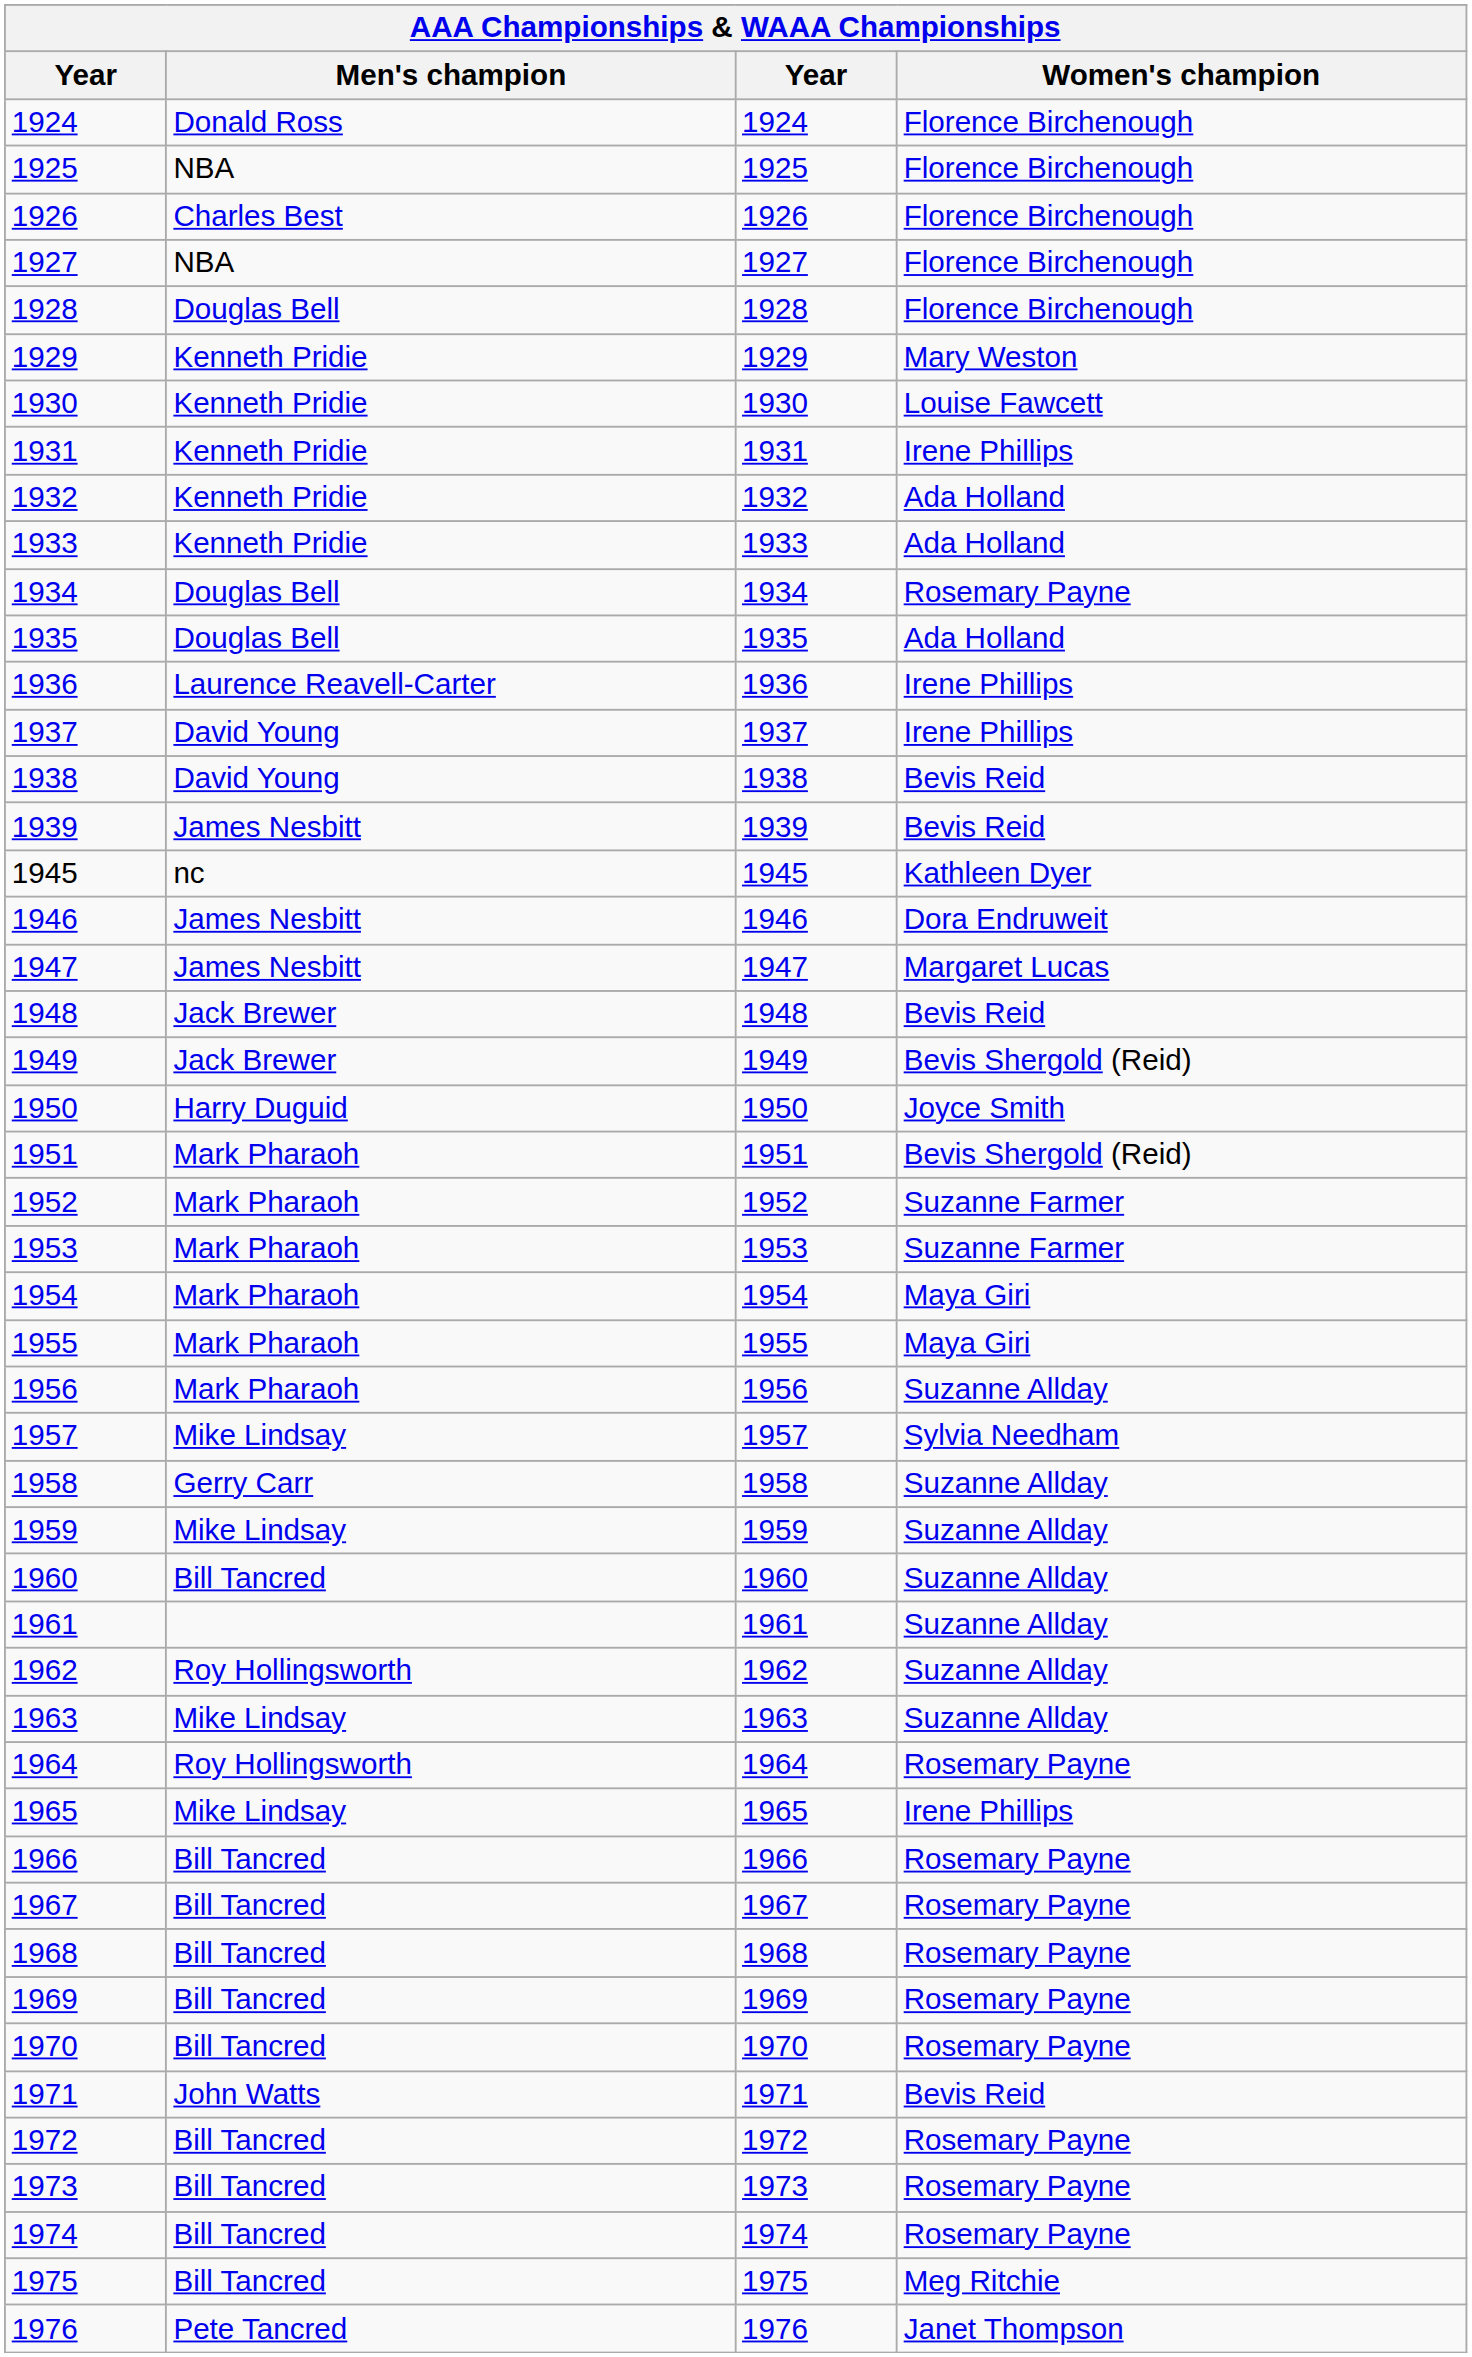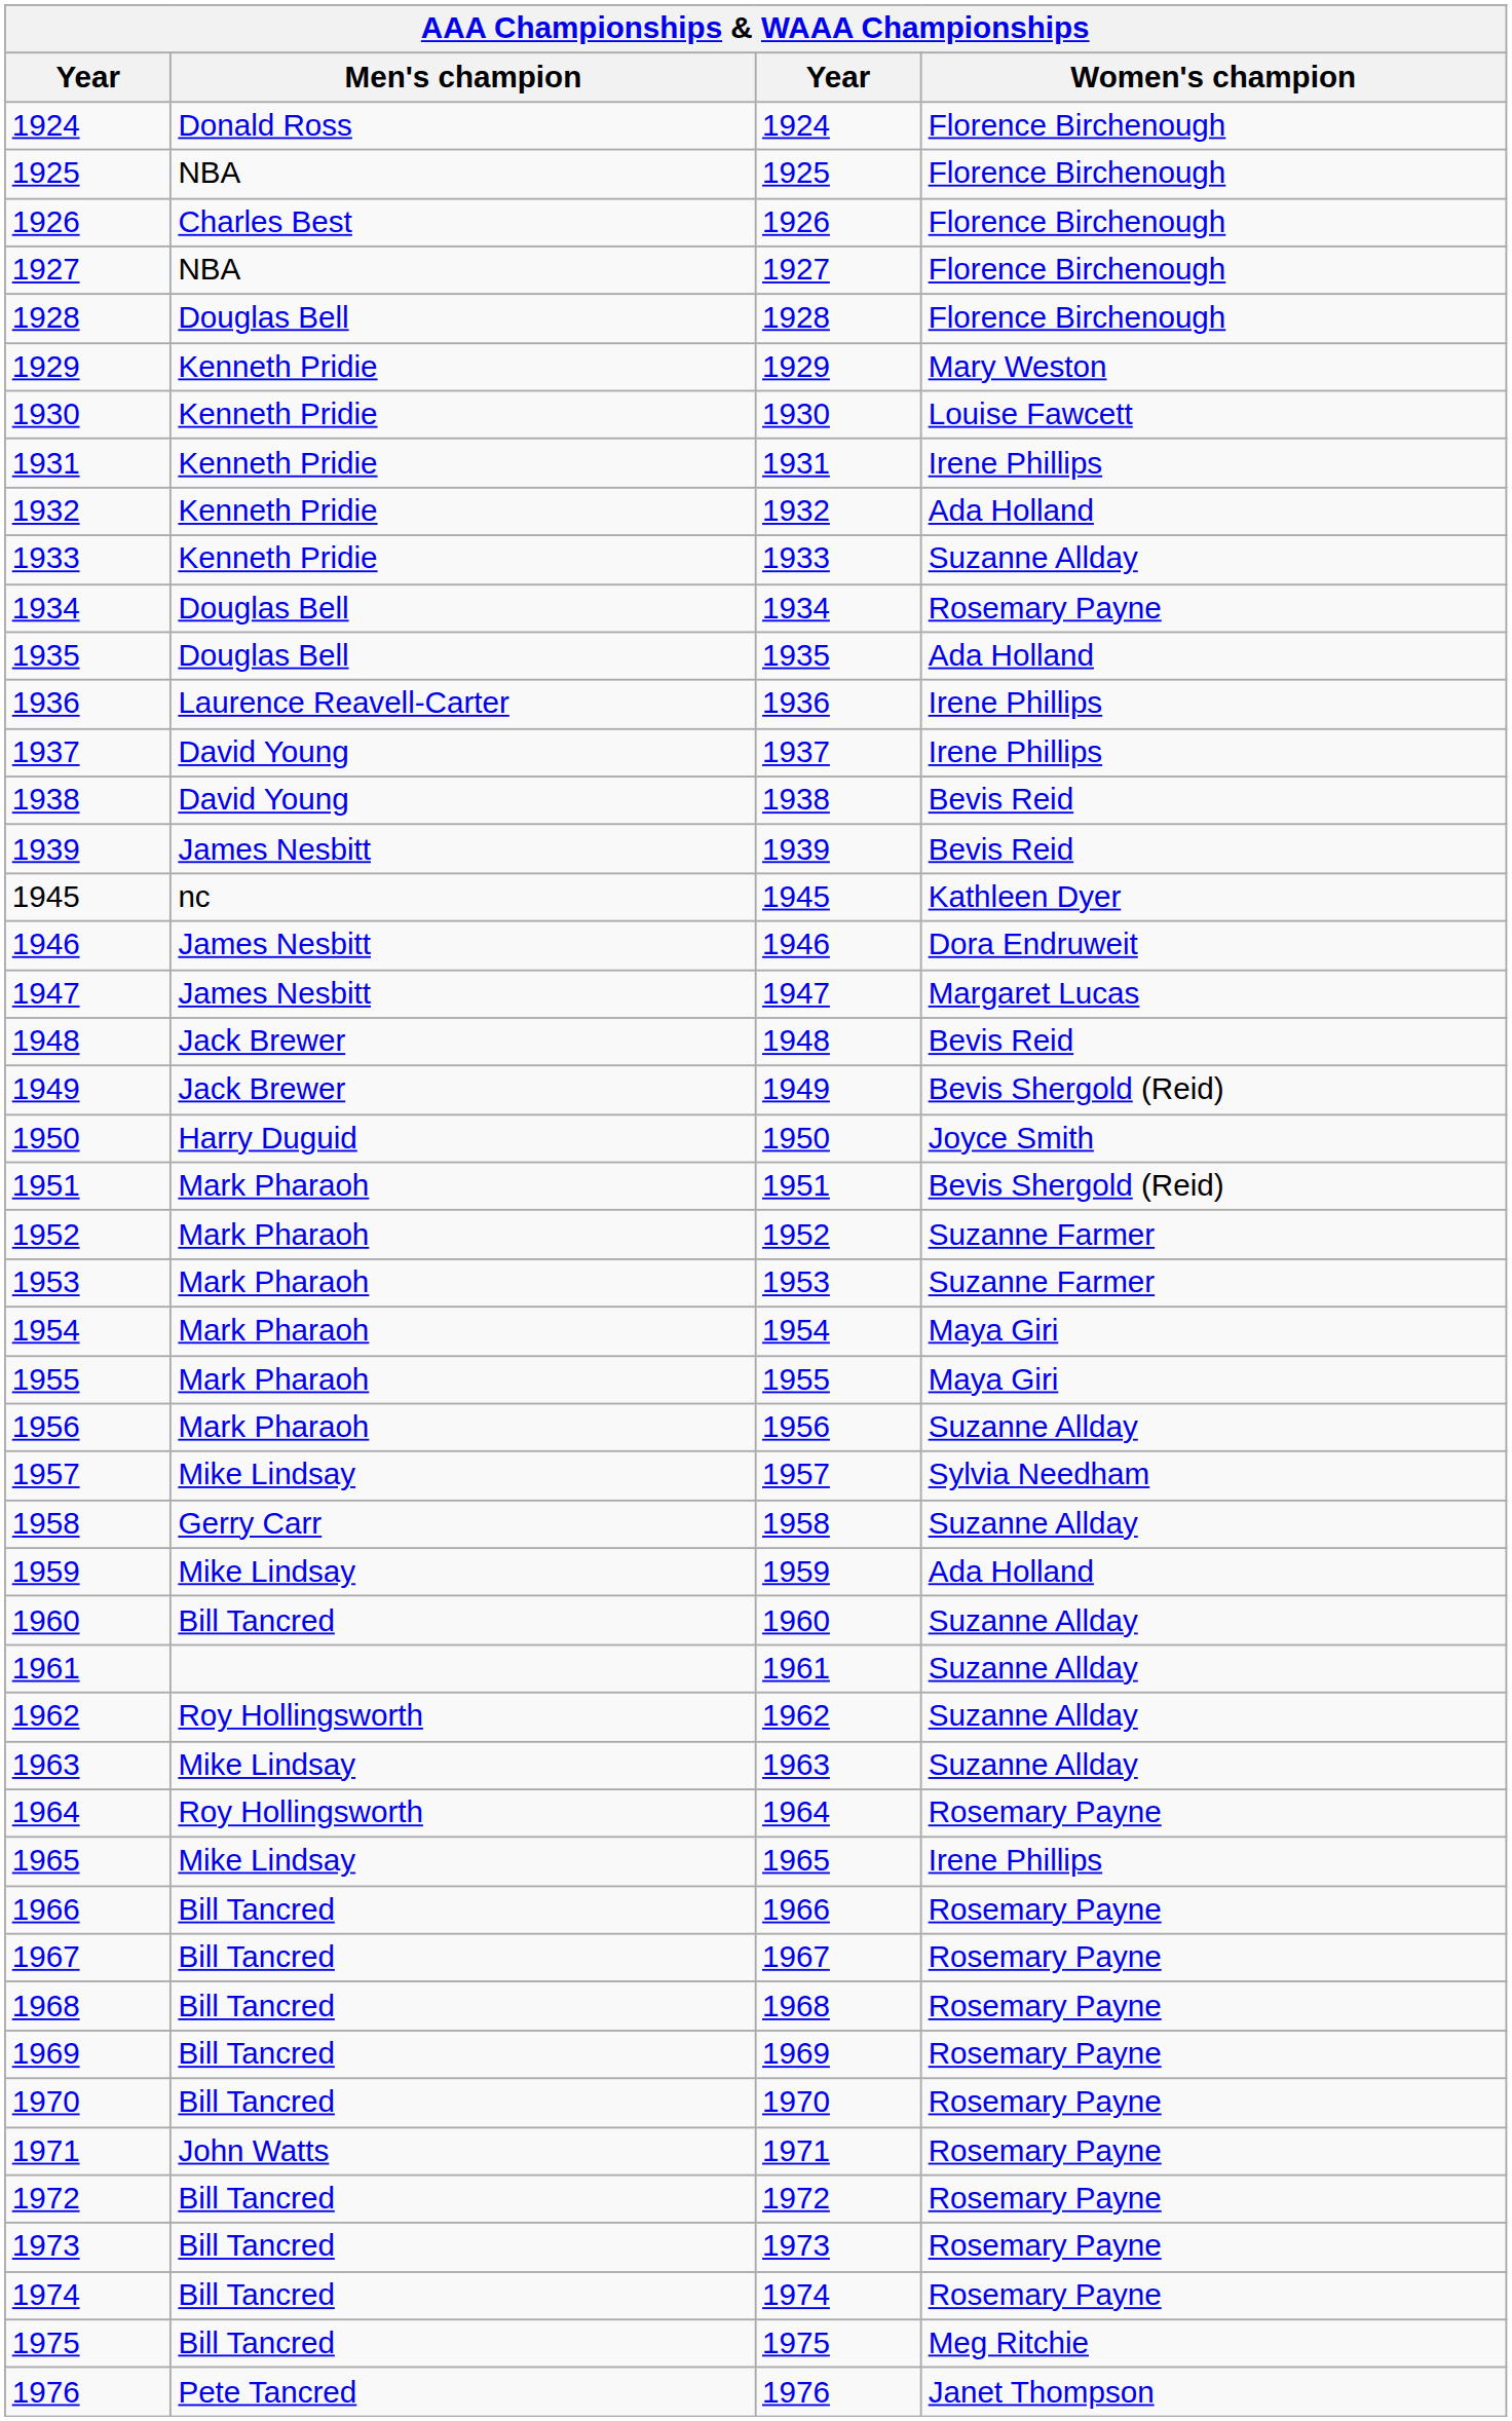 <table class="wikitable">
 <tr>
 <th colspan="4"><a href='#'>AAA Championships</a> & <a href='#'>WAAA Championships</a></th>
 </tr>
 <tr>
 <th width=80>Year</th>
 <th width=300>Men's champion</th>
 <th width=80>Year</th>
 <th width=300>Women's champion</th>
 </tr>
 <tr>
 <td><a href='#'>1924</a></td>
 <td><a href='#'>Donald Ross</a></td>
 <td><a href='#'>1924</a></td>
 <td><a href='#'>Florence Birchenough</a></td>
 </tr>
 <tr>
 <td><a href='#'>1925</a></td>
 <td>NBA</td>
 <td><a href='#'>1925</a></td>
 <td><a href='#'>Florence Birchenough</a></td>
 </tr>
 <tr>
 <td><a href='#'>1926</a></td>
 <td><a href='#'>Charles Best</a></td>
 <td><a href='#'>1926</a></td>
 <td><a href='#'>Florence Birchenough</a></td>
 </tr>
 <tr>
 <td><a href='#'>1927</a></td>
 <td>NBA</td>
 <td><a href='#'>1927</a></td>
 <td><a href='#'>Florence Birchenough</a></td>
 </tr>
 <tr>
 <td><a href='#'>1928</a></td>
 <td><a href='#'>Douglas Bell</a></td>
 <td><a href='#'>1928</a></td>
 <td><a href='#'>Florence Birchenough</a></td>
 </tr>
 <tr>
 <td><a href='#'>1929</a></td>
 <td><a href='#'>Kenneth Pridie</a></td>
 <td><a href='#'>1929</a></td>
 <td><a href='#'>Mary Weston</a></td>
 </tr>
 <tr>
 <td><a href='#'>1930</a></td>
 <td><a href='#'>Kenneth Pridie</a></td>
 <td><a href='#'>1930</a></td>
 <td><a href='#'>Louise Fawcett</a></td>
 </tr>
 <tr>
 <td><a href='#'>1931</a></td>
 <td><a href='#'>Kenneth Pridie</a></td>
 <td><a href='#'>1931</a></td>
 <td><a href='#'>Irene Phillips</a></td>
 </tr>
 <tr>
 <td><a href='#'>1932</a></td>
 <td><a href='#'>Kenneth Pridie</a></td>
 <td><a href='#'>1932</a></td>
 <td><a href='#'>Ada Holland</a></td>
 </tr>
 <tr>
 <td><a href='#'>1933</a></td>
 <td><a href='#'>Kenneth Pridie</a></td>
 <td><a href='#'>1933</a></td>
-<td><a href='#'>Ada Holland</a></td>
+<td><a href='#'>Suzanne Allday</a></td>
 </tr>
 <tr>
 <td><a href='#'>1934</a></td>
 <td><a href='#'>Douglas Bell</a></td>
 <td><a href='#'>1934</a></td>
 <td><a href='#'>Rosemary Payne</a></td>
 </tr>
 <tr>
 <td><a href='#'>1935</a></td>
 <td><a href='#'>Douglas Bell</a></td>
 <td><a href='#'>1935</a></td>
 <td><a href='#'>Ada Holland</a></td>
 </tr>
 <tr>
 <td><a href='#'>1936</a></td>
 <td><a href='#'>Laurence Reavell-Carter</a></td>
 <td><a href='#'>1936</a></td>
 <td><a href='#'>Irene Phillips</a></td>
 </tr>
 <tr>
 <td><a href='#'>1937</a></td>
 <td><a href='#'>David Young</a></td>
 <td><a href='#'>1937</a></td>
 <td><a href='#'>Irene Phillips</a></td>
 </tr>
 <tr>
 <td><a href='#'>1938</a></td>
 <td><a href='#'>David Young</a></td>
 <td><a href='#'>1938</a></td>
 <td><a href='#'>Bevis Reid</a></td>
 </tr>
 <tr>
 <td><a href='#'>1939</a></td>
 <td><a href='#'>James Nesbitt</a></td>
 <td><a href='#'>1939</a></td>
 <td><a href='#'>Bevis Reid</a></td>
 </tr>
 <tr>
 <td>1945</td>
 <td>nc</td>
 <td><a href='#'>1945</a></td>
 <td><a href='#'>Kathleen Dyer</a></td>
 </tr>
 <tr>
 <td><a href='#'>1946</a></td>
 <td><a href='#'>James Nesbitt</a></td>
 <td><a href='#'>1946</a></td>
 <td><a href='#'>Dora Endruweit</a></td>
 </tr>
 <tr>
 <td><a href='#'>1947</a></td>
 <td><a href='#'>James Nesbitt</a></td>
 <td><a href='#'>1947</a></td>
 <td><a href='#'>Margaret Lucas</a></td>
 </tr>
 <tr>
 <td><a href='#'>1948</a></td>
 <td><a href='#'>Jack Brewer</a></td>
 <td><a href='#'>1948</a></td>
 <td><a href='#'>Bevis Reid</a></td>
 </tr>
 <tr>
 <td><a href='#'>1949</a></td>
 <td><a href='#'>Jack Brewer</a></td>
 <td><a href='#'>1949</a></td>
 <td><a href='#'>Bevis Shergold</a> (Reid)</td>
 </tr>
 <tr>
 <td><a href='#'>1950</a></td>
 <td><a href='#'>Harry Duguid</a></td>
 <td><a href='#'>1950</a></td>
 <td><a href='#'>Joyce Smith</a></td>
 </tr>
 <tr>
 <td><a href='#'>1951</a></td>
 <td><a href='#'>Mark Pharaoh</a></td>
 <td><a href='#'>1951</a></td>
 <td><a href='#'>Bevis Shergold</a> (Reid)</td>
 </tr>
 <tr>
 <td><a href='#'>1952</a></td>
 <td><a href='#'>Mark Pharaoh</a></td>
 <td><a href='#'>1952</a></td>
 <td><a href='#'>Suzanne Farmer</a></td>
 </tr>
 <tr>
 <td><a href='#'>1953</a></td>
 <td><a href='#'>Mark Pharaoh</a></td>
 <td><a href='#'>1953</a></td>
 <td><a href='#'>Suzanne Farmer</a></td>
 </tr>
 <tr>
 <td><a href='#'>1954</a></td>
 <td><a href='#'>Mark Pharaoh</a></td>
 <td><a href='#'>1954</a></td>
 <td><a href='#'>Maya Giri</a></td>
 </tr>
 <tr>
 <td><a href='#'>1955</a></td>
 <td><a href='#'>Mark Pharaoh</a></td>
 <td><a href='#'>1955</a></td>
 <td><a href='#'>Maya Giri</a></td>
 </tr>
 <tr>
 <td><a href='#'>1956</a></td>
 <td><a href='#'>Mark Pharaoh</a></td>
 <td><a href='#'>1956</a></td>
 <td><a href='#'>Suzanne Allday</a></td>
 </tr>
 <tr>
 <td><a href='#'>1957</a></td>
 <td><a href='#'>Mike Lindsay</a></td>
 <td><a href='#'>1957</a></td>
 <td><a href='#'>Sylvia Needham</a></td>
 </tr>
 <tr>
 <td><a href='#'>1958</a></td>
 <td><a href='#'>Gerry Carr</a></td>
 <td><a href='#'>1958</a></td>
 <td><a href='#'>Suzanne Allday</a></td>
 </tr>
 <tr>
 <td><a href='#'>1959</a></td>
 <td><a href='#'>Mike Lindsay</a></td>
 <td><a href='#'>1959</a></td>
-<td><a href='#'>Suzanne Allday</a></td>
+<td><a href='#'>Ada Holland</a></td>
 </tr>
 <tr>
 <td><a href='#'>1960</a></td>
 <td><a href='#'>Bill Tancred</a></td>
 <td><a href='#'>1960</a></td>
 <td><a href='#'>Suzanne Allday</a></td>
 </tr>
 <tr>
 <td><a href='#'>1961</a></td>
 <td></td>
 <td><a href='#'>1961</a></td>
 <td><a href='#'>Suzanne Allday</a></td>
 </tr>
 <tr>
 <td><a href='#'>1962</a></td>
 <td><a href='#'>Roy Hollingsworth</a></td>
 <td><a href='#'>1962</a></td>
 <td><a href='#'>Suzanne Allday</a></td>
 </tr>
 <tr>
 <td><a href='#'>1963</a></td>
 <td><a href='#'>Mike Lindsay</a></td>
 <td><a href='#'>1963</a></td>
 <td><a href='#'>Suzanne Allday</a></td>
 </tr>
 <tr>
 <td><a href='#'>1964</a></td>
 <td><a href='#'>Roy Hollingsworth</a></td>
 <td><a href='#'>1964</a></td>
 <td><a href='#'>Rosemary Payne</a></td>
 </tr>
 <tr>
 <td><a href='#'>1965</a></td>
 <td><a href='#'>Mike Lindsay</a></td>
 <td><a href='#'>1965</a></td>
 <td><a href='#'>Irene Phillips</a></td>
 </tr>
 <tr>
 <td><a href='#'>1966</a></td>
 <td><a href='#'>Bill Tancred</a></td>
 <td><a href='#'>1966</a></td>
 <td><a href='#'>Rosemary Payne</a></td>
 </tr>
 <tr>
 <td><a href='#'>1967</a></td>
 <td><a href='#'>Bill Tancred</a></td>
 <td><a href='#'>1967</a></td>
 <td><a href='#'>Rosemary Payne</a></td>
 </tr>
 <tr>
 <td><a href='#'>1968</a></td>
 <td><a href='#'>Bill Tancred</a></td>
 <td><a href='#'>1968</a></td>
 <td><a href='#'>Rosemary Payne</a></td>
 </tr>
 <tr>
 <td><a href='#'>1969</a></td>
 <td><a href='#'>Bill Tancred</a></td>
 <td><a href='#'>1969</a></td>
 <td><a href='#'>Rosemary Payne</a></td>
 </tr>
 <tr>
 <td><a href='#'>1970</a></td>
 <td><a href='#'>Bill Tancred</a></td>
 <td><a href='#'>1970</a></td>
 <td><a href='#'>Rosemary Payne</a></td>
 </tr>
 <tr>
 <td><a href='#'>1971</a></td>
 <td><a href='#'>John Watts</a></td>
 <td><a href='#'>1971</a></td>
-<td><a href='#'>Bevis Reid</a></td>
+<td><a href='#'>Rosemary Payne</a></td>
 </tr>
 <tr>
 <td><a href='#'>1972</a></td>
 <td><a href='#'>Bill Tancred</a></td>
 <td><a href='#'>1972</a></td>
 <td><a href='#'>Rosemary Payne</a></td>
 </tr>
 <tr>
 <td><a href='#'>1973</a></td>
 <td><a href='#'>Bill Tancred</a></td>
 <td><a href='#'>1973</a></td>
 <td><a href='#'>Rosemary Payne</a></td>
 </tr>
 <tr>
 <td><a href='#'>1974</a></td>
 <td><a href='#'>Bill Tancred</a></td>
 <td><a href='#'>1974</a></td>
 <td><a href='#'>Rosemary Payne</a></td>
 </tr>
 <tr>
 <td><a href='#'>1975</a></td>
 <td><a href='#'>Bill Tancred</a></td>
 <td><a href='#'>1975</a></td>
 <td><a href='#'>Meg Ritchie</a></td>
 </tr>
 <tr>
 <td><a href='#'>1976</a></td>
 <td><a href='#'>Pete Tancred</a></td>
 <td><a href='#'>1976</a></td>
 <td><a href='#'>Janet Thompson</a></td>
 </tr>
 </table>
